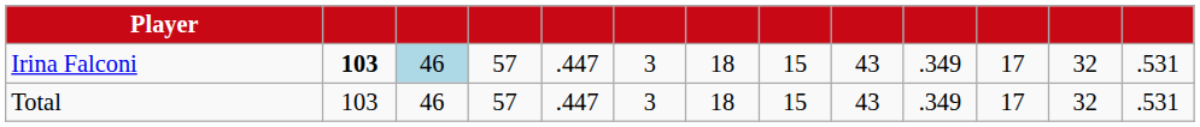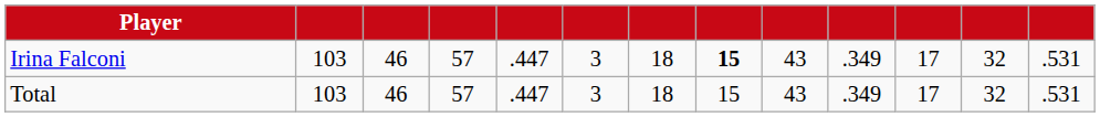 <table class="wikitable" style="text-align:center">
 <tr>
 <th style="background:#C80815; color:white" width="200px">Player</th>
 <th style="background:#C80815; color:white" width="40px"></th>
 <th style="background:#C80815; color:white" width="40px"></th>
 <th style="background:#C80815; color:white" width="40px"></th>
 <th style="background:#C80815; color:white" width="40px"></th>
 <th style="background:#C80815; color:white" width="40px"></th>
 <th style="background:#C80815; color:white" width="40px"></th>
 <th style="background:#C80815; color:white" width="40px"></th>
 <th style="background:#C80815; color:white" width="40px"></th>
 <th style="background:#C80815; color:white" width="40px"></th>
 <th style="background:#C80815; color:white" width="40px"></th>
 <th style="background:#C80815; color:white" width="40px"></th>
 <th style="background:#C80815; color:white" width="40px"></th>
 </tr>
 <tr>
 <td style="text-align:left"><a href='#'>Irina Falconi</a></td>
-<td><strong>103</strong></td>
-<td style="background: lightblue;">46</td>
+<td>103</td>
+<td>46</td>
 <td>57</td>
 <td>.447</td>
 <td>3</td>
 <td>18</td>
-<td>15</td>
+<td><strong>15</strong></td>
 <td>43</td>
 <td>.349</td>
 <td>17</td>
 <td>32</td>
 <td>.531</td>
 </tr>
 <tr>
 <td style="text-align:left">Total</td>
 <td>103</td>
 <td>46</td>
 <td>57</td>
 <td>.447</td>
 <td>3</td>
 <td>18</td>
 <td>15</td>
 <td>43</td>
 <td>.349</td>
 <td>17</td>
 <td>32</td>
 <td>.531</td>
 </tr>
 </table>
